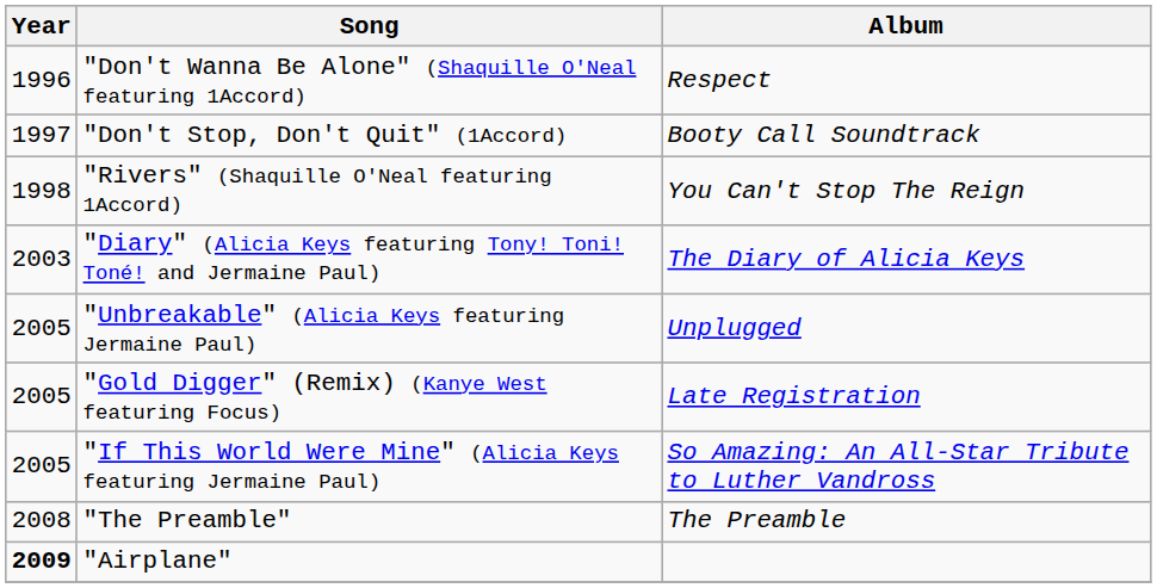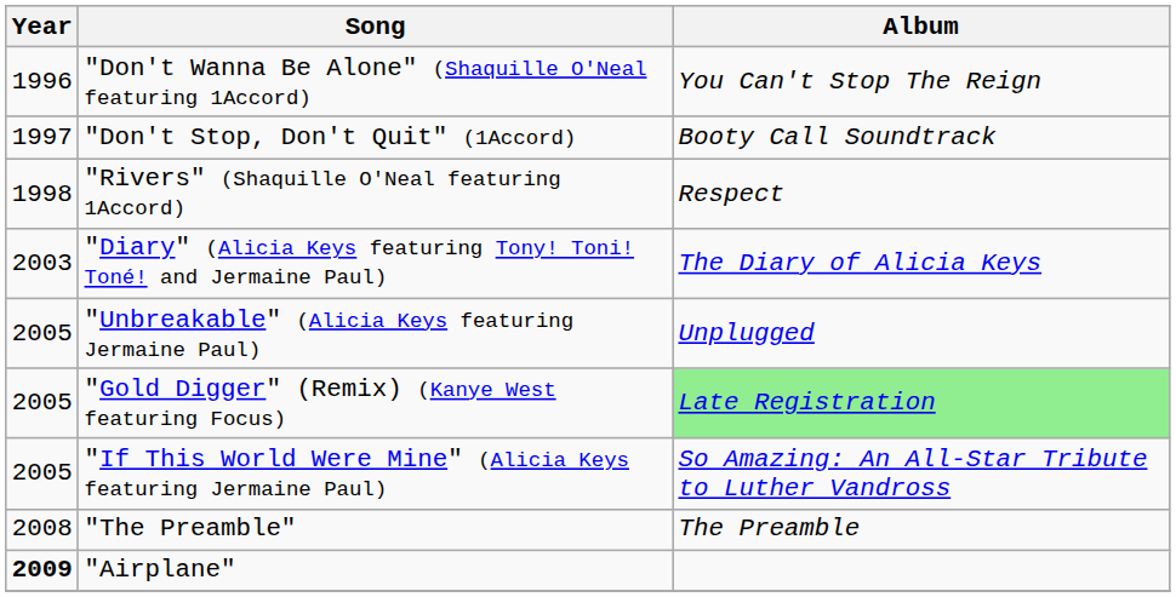 <table class="wikitable">
 <tr>
 <th align="center" width="22">Year</th>
 <th align="center" width="300">Song</th>
 <th align="center" width="250">Album</th>
 </tr>
 <tr>
 <td>1996</td>
 <td>"Don't Wanna Be Alone" <small>(<a href='#'>Shaquille O'Neal</a> featuring 1Accord)</small></td>
-<td><em>Respect</em></td>
+<td><em>You Can't Stop The Reign</em></td>
 </tr>
 <tr>
 <td>1997</td>
 <td>"Don't Stop, Don't Quit" <small>(1Accord)</small></td>
 <td><em>Booty Call Soundtrack</em></td>
 </tr>
 <tr>
 <td>1998</td>
 <td>"Rivers" <small>(Shaquille O'Neal featuring 1Accord)</small></td>
-<td><em>You Can't Stop The Reign</em></td>
+<td><em>Respect</em></td>
 </tr>
 <tr>
 <td>2003</td>
 <td>"<a href='#'>Diary</a>" <small>(<a href='#'>Alicia Keys</a> featuring <a href='#'>Tony! Toni! Toné!</a> and Jermaine Paul)</small></td>
 <td><em><a href='#'>The Diary of Alicia Keys</a></em></td>
 </tr>
 <tr>
 <td>2005</td>
 <td>"<a href='#'>Unbreakable</a>" <small>(<a href='#'>Alicia Keys</a> featuring Jermaine Paul)</small></td>
 <td><em><a href='#'>Unplugged</a></em></td>
 </tr>
 <tr>
 <td>2005</td>
 <td>"<a href='#'>Gold Digger</a>" (Remix) <small>(<a href='#'>Kanye West</a> featuring Focus)</small></td>
-<td><em><a href='#'>Late Registration</a></em></td>
+<td style="background: lightgreen;"><em><a href='#'>Late Registration</a></em></td>
 </tr>
 <tr>
 <td>2005</td>
 <td>"<a href='#'>If This World Were Mine</a>" <small>(<a href='#'>Alicia Keys</a> featuring Jermaine Paul)</small></td>
 <td><em><a href='#'>So Amazing: An All-Star Tribute to Luther Vandross</a></em></td>
 </tr>
 <tr>
 <td>2008</td>
 <td>"The Preamble"</td>
 <td><em>The Preamble</em></td>
 </tr>
 <tr>
 <td><strong>2009</strong></td>
 <td>"Airplane"</td>
 <td></td>
 </tr>
 <tr>
 </tr>
 </table>
